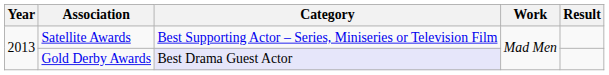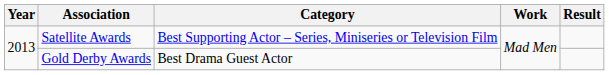 <table class="wikitable">
 <tr>
 <th>Year</th>
 <th>Association</th>
 <th>Category</th>
 <th>Work</th>
 <th>Result</th>
 </tr>
 <tr>
 <td rowspan="2">2013</td>
 <td><a href='#'>Satellite Awards</a></td>
 <td><a href='#'>Best Supporting Actor – Series, Miniseries or Television Film</a></td>
 <td rowspan="2"><em>Mad Men</em></td>
 <td></td>
 </tr>
 <tr>
 <td><a href='#'>Gold Derby Awards</a></td>
-<td style="background: lavender;">Best Drama Guest Actor</td>
+<td>Best Drama Guest Actor</td>
 <td></td>
 </tr>
 </table>
